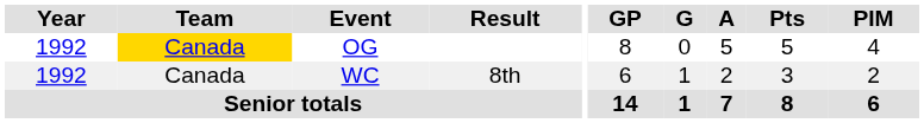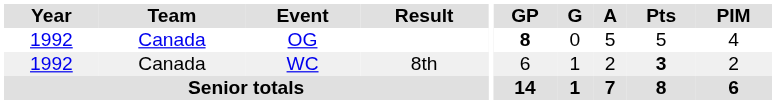 <table border="0" cellpadding="1" cellspacing="0" ID="Table3" style="text-align:center; width:40em">
 <tr ALIGN="center" bgcolor="#e0e0e0">
 <th>Year</th>
 <th>Team</th>
 <th>Event</th>
 <th>Result</th>
 <th rowspan="99" bgcolor="#ffffff"></th>
 <th>GP</th>
 <th>G</th>
 <th>A</th>
 <th>Pts</th>
 <th>PIM</th>
 </tr>
 <tr>
 <td><a href='#'>1992</a></td>
-<td style="background: gold;"><a href='#'>Canada</a></td>
+<td><a href='#'>Canada</a></td>
 <td><a href='#'>OG</a></td>
 <td></td>
-<td>8</td>
+<td><strong>8</strong></td>
 <td>0</td>
 <td>5</td>
 <td>5</td>
 <td>4</td>
 </tr>
 <tr bgcolor="#f0f0f0">
 <td><a href='#'>1992</a></td>
 <td>Canada</td>
 <td><a href='#'>WC</a></td>
 <td>8th</td>
 <td>6</td>
 <td>1</td>
 <td>2</td>
-<td>3</td>
+<td><strong>3</strong></td>
 <td>2</td>
 </tr>
 <tr bgcolor="#e0e0e0">
 <th colspan="4">Senior totals</th>
 <th>14</th>
 <th>1</th>
 <th>7</th>
 <th>8</th>
 <th>6</th>
 </tr>
 </table>
